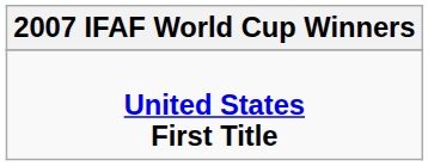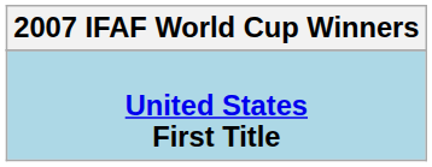 <table class="wikitable" style="text-align: center; margin: 0 auto;">
 <tr>
 <th>2007 IFAF World Cup Winners</th>
 </tr>
 <tr>
 </tr>
 <tr>
-<td><br><strong><a href='#'>United States</a></strong><br><strong>First Title</strong></td>
+<td style="background: lightblue;"><br><strong><a href='#'>United States</a></strong><br><strong>First Title</strong></td>
 </tr>
 </table>
